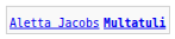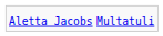 <table style="float:right; clear:right; margin:10px; border:1px #ccc solid; background:#f9f9f9;">
 <tr>
 <td align=middle></td>
 <td align=middle></td>
 </tr>
 <tr>
 <td align=middle><small><a href='#'>Aletta Jacobs</a></small></td>
-<td align=middle><strong><small><a href='#'>Multatuli</a></small></strong></td>
+<td align=middle><small><a href='#'>Multatuli</a></small></td>
 </tr>
 </table>
